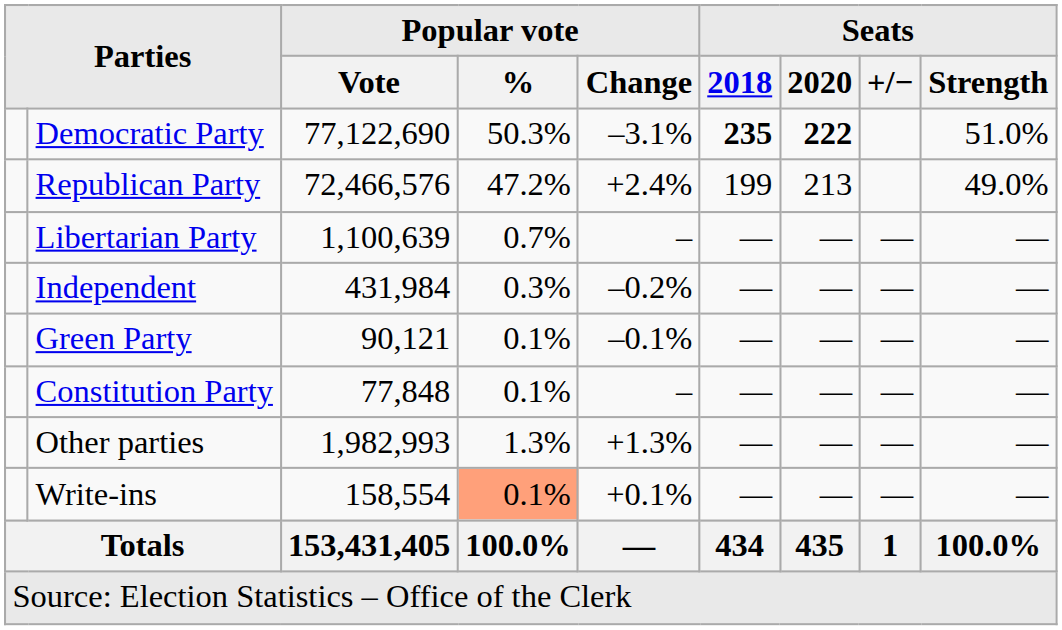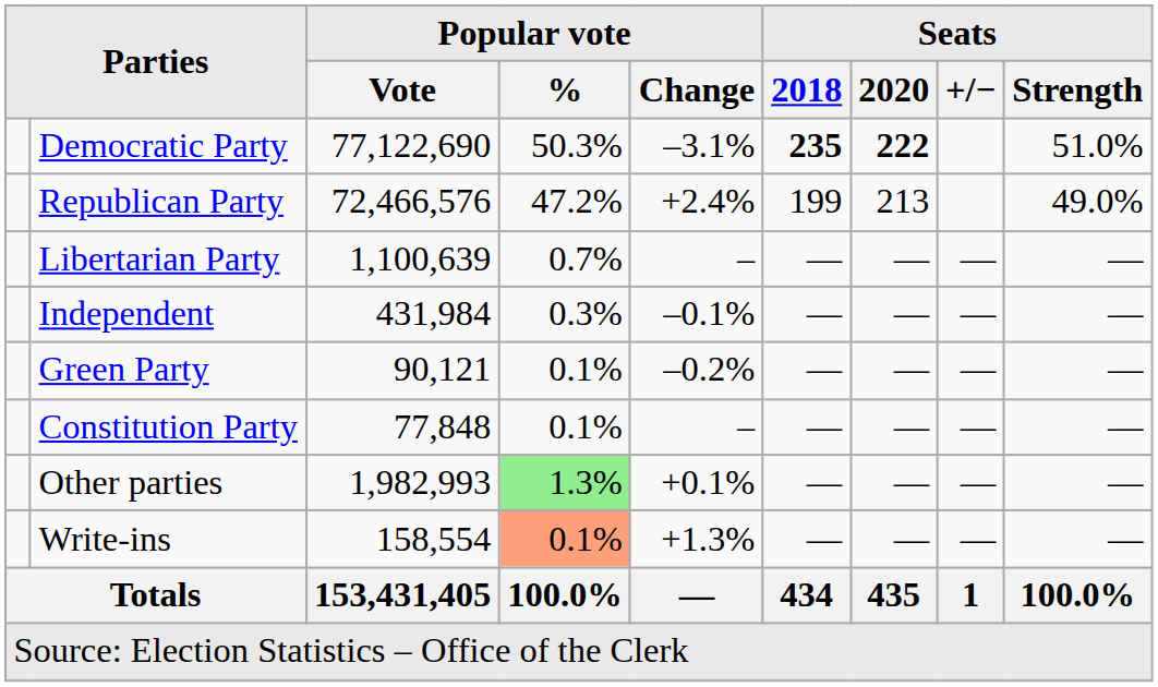 <table class=wikitable>
 <tr>
 <th style="background:#e9e9e9; text-align:center" rowspan="2" colspan="2">Parties</th>
 <th style="background:#e9e9e9; text-align:center" colspan="3">Popular vote</th>
 <th style="background:#e9e9e9; text-align:center" colspan="4">Seats</th>
 </tr>
 <tr style="background:#e9e9e9">
 <th>Vote</th>
 <th>%</th>
 <th>Change</th>
 <th><a href='#'>2018</a></th>
 <th>2020</th>
 <th>+/−</th>
 <th>Strength</th>
 </tr>
 <tr>
 <td style="background-color:"> </td>
 <td><a href='#'>Democratic Party</a></td>
 <td align=right>77,122,690</td>
 <td align=right>50.3%</td>
 <td align=right>–3.1%</td>
 <td align=right><strong>235</strong></td>
 <td align=right><strong>222</strong></td>
 <td align=right></td>
 <td align=right>51.0%</td>
 </tr>
 <tr>
 <td style="background-color:"> </td>
 <td><a href='#'>Republican Party</a></td>
 <td align=right>72,466,576</td>
 <td align=right>47.2%</td>
 <td align=right>+2.4%</td>
 <td align=right>199</td>
 <td align=right>213</td>
 <td align=right></td>
 <td align=right>49.0%</td>
 </tr>
 <tr>
 <td style="background-color:"> </td>
 <td><a href='#'>Libertarian Party</a></td>
 <td align=right>1,100,639</td>
 <td align=right>0.7%</td>
 <td align=right>–</td>
 <td align=right>—</td>
 <td align=right>—</td>
 <td align=right>—</td>
 <td align=right>—</td>
 </tr>
 <tr>
 <td style="background-color:"> </td>
 <td><a href='#'>Independent</a></td>
 <td align=right>431,984</td>
 <td align=right>0.3%</td>
-<td align=right>–0.2%</td>
+<td align=right>–0.1%</td>
 <td align=right>—</td>
 <td align=right>—</td>
 <td align=right>—</td>
 <td align=right>—</td>
 </tr>
 <tr>
 <td style="background-color:"> </td>
 <td><a href='#'>Green Party</a></td>
 <td align=right>90,121</td>
 <td align=right>0.1%</td>
-<td align=right>–0.1%</td>
+<td align=right>–0.2%</td>
 <td align=right>—</td>
 <td align=right>—</td>
 <td align=right>—</td>
 <td align=right>—</td>
 </tr>
 <tr>
 <td style="background-color:"> </td>
 <td><a href='#'>Constitution Party</a></td>
 <td align=right>77,848</td>
 <td align=right>0.1%</td>
 <td align=right>–</td>
 <td align=right>—</td>
 <td align=right>—</td>
 <td align=right>—</td>
 <td align=right>—</td>
 </tr>
 <tr>
 <td style="background-color:"> </td>
 <td>Other parties</td>
 <td align="right">1,982,993</td>
-<td align="right">1.3%</td>
-<td align="right">+1.3%</td>
+<td align="right" style="background: lightgreen;">1.3%</td>
+<td align="right">+0.1%</td>
 <td align="right">—</td>
 <td align="right">—</td>
 <td align="right">—</td>
 <td align="right">—</td>
 </tr>
 <tr>
 <td style="background-color:"> </td>
 <td>Write-ins</td>
 <td align="right">158,554</td>
 <td align="right" style="background: lightsalmon;">0.1%</td>
-<td align="right">+0.1%</td>
+<td align="right">+1.3%</td>
 <td align="right">—</td>
 <td align="right">—</td>
 <td align="right">—</td>
 <td align="right">—</td>
 </tr>
 <tr style="background:#ccc">
 <th colspan=2>Totals</th>
 <th>153,431,405</th>
 <th>100.0%</th>
 <th>—</th>
 <th>434</th>
 <th>435</th>
 <th> 1</th>
 <th>100.0%</th>
 </tr>
 <tr bgcolor=E9E9E9>
 <td align="left" colspan=9>Source:  Election Statistics – Office of the Clerk</td>
 </tr>
 </table>
